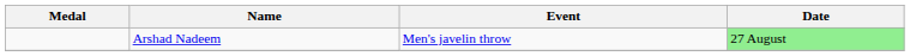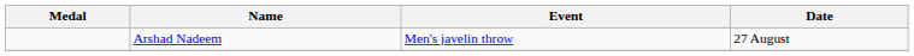 <table class="wikitable" style="font-size:90%" width=60%>
 <tr>
 <th>Medal</th>
 <th>Name</th>
 <th>Event</th>
 <th>Date</th>
 </tr>
 <tr>
 <td></td>
 <td><a href='#'>Arshad Nadeem</a></td>
 <td><a href='#'>Men's javelin throw</a></td>
-<td style="background: lightgreen;">27 August</td>
+<td>27 August</td>
 </tr>
 <tr>
 </tr>
 </table>
